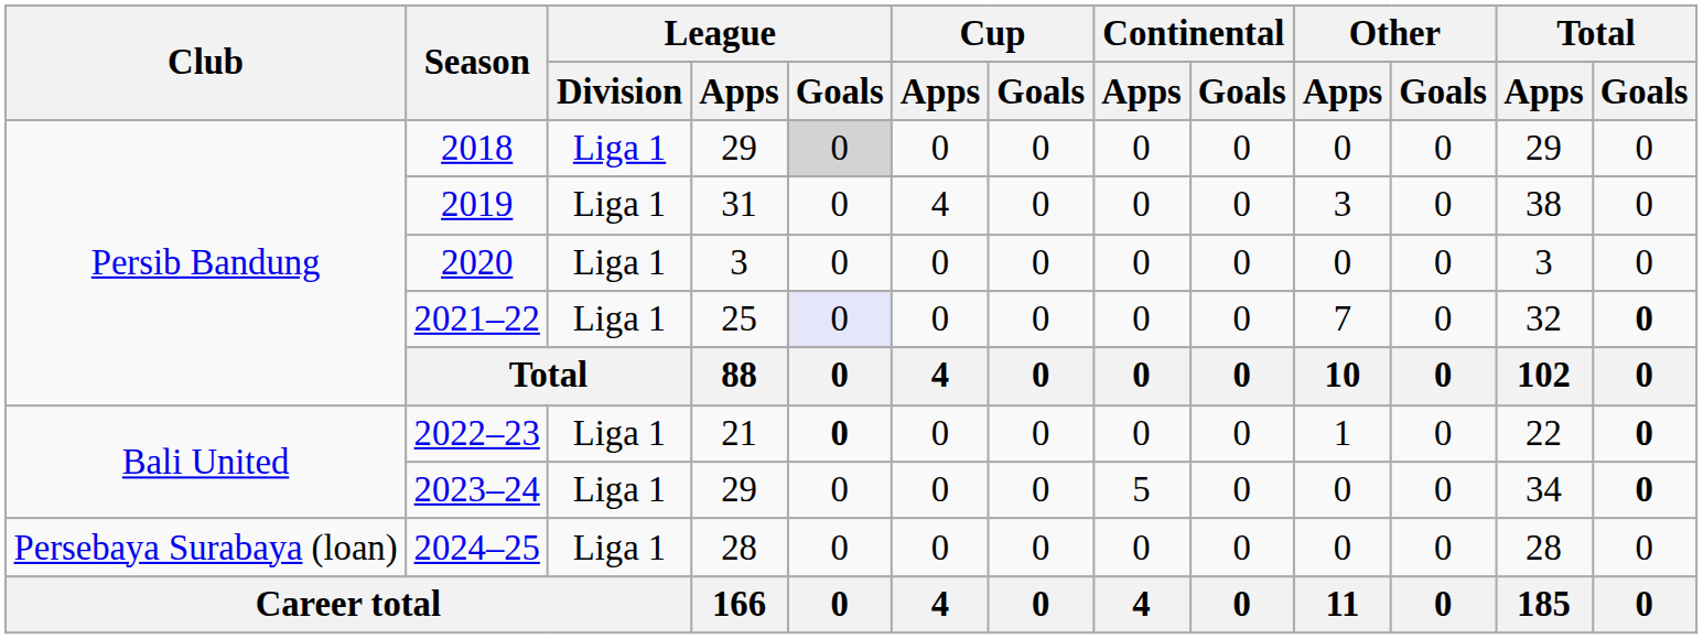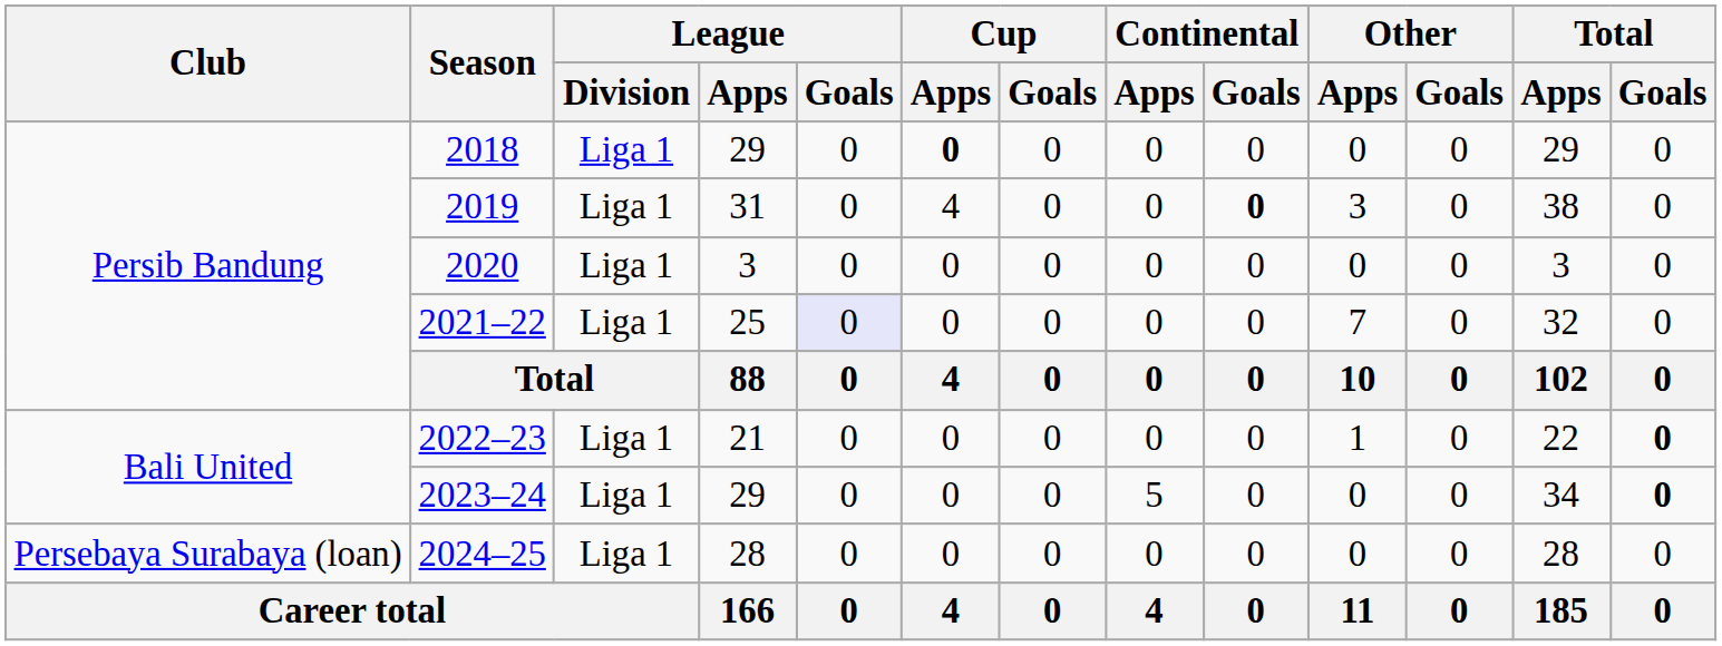 <table class="wikitable" style="text-align:center">
 <tr>
 <th rowspan="2">Club</th>
 <th rowspan="2">Season</th>
 <th colspan="3">League</th>
 <th colspan="2">Cup</th>
 <th colspan="2">Continental</th>
 <th colspan="2">Other</th>
 <th colspan="2">Total</th>
 </tr>
 <tr>
 <th>Division</th>
 <th>Apps</th>
 <th>Goals</th>
 <th>Apps</th>
 <th>Goals</th>
 <th>Apps</th>
 <th>Goals</th>
 <th>Apps</th>
 <th>Goals</th>
 <th>Apps</th>
 <th>Goals</th>
 </tr>
 <tr>
 <td rowspan="5" valign="center"><a href='#'>Persib Bandung</a></td>
 <td><a href='#'>2018</a></td>
 <td><a href='#'>Liga 1</a></td>
 <td>29</td>
-<td style="background: lightgrey;">0</td>
 <td>0</td>
+<td><strong>0</strong></td>
 <td>0</td>
 <td>0</td>
 <td>0</td>
 <td>0</td>
 <td>0</td>
 <td>29</td>
 <td>0</td>
 </tr>
 <tr>
 <td><a href='#'>2019</a></td>
 <td>Liga 1</td>
 <td>31</td>
 <td>0</td>
 <td>4</td>
 <td>0</td>
 <td>0</td>
-<td>0</td>
+<td><strong>0</strong></td>
 <td>3</td>
 <td>0</td>
 <td>38</td>
 <td>0</td>
 </tr>
 <tr>
 <td><a href='#'>2020</a></td>
 <td>Liga 1</td>
 <td>3</td>
 <td>0</td>
 <td>0</td>
 <td>0</td>
 <td>0</td>
 <td>0</td>
 <td>0</td>
 <td>0</td>
 <td>3</td>
 <td>0</td>
 </tr>
 <tr>
 <td><a href='#'>2021–22</a></td>
 <td>Liga 1</td>
 <td>25</td>
 <td style="background: lavender;">0</td>
 <td>0</td>
 <td>0</td>
 <td>0</td>
 <td>0</td>
 <td>7</td>
 <td>0</td>
 <td>32</td>
-<td><strong>0</strong></td>
+<td>0</td>
 </tr>
 <tr>
 <th colspan="2">Total</th>
 <th>88</th>
 <th>0</th>
 <th>4</th>
 <th>0</th>
 <th>0</th>
 <th>0</th>
 <th>10</th>
 <th>0</th>
 <th>102</th>
 <th>0</th>
 </tr>
 <tr>
 <td rowspan="2" valign="center"><a href='#'>Bali United</a></td>
 <td><a href='#'>2022–23</a></td>
 <td rowspan="1" valign="center">Liga 1</td>
 <td>21</td>
-<td><strong>0</strong></td>
+<td>0</td>
 <td>0</td>
 <td>0</td>
 <td>0</td>
 <td>0</td>
 <td>1</td>
 <td>0</td>
 <td>22</td>
 <td><strong>0</strong></td>
 </tr>
 <tr>
 <td><a href='#'>2023–24</a></td>
 <td>Liga 1</td>
 <td>29</td>
 <td>0</td>
 <td>0</td>
 <td>0</td>
 <td>5</td>
 <td>0</td>
 <td>0</td>
 <td>0</td>
 <td>34</td>
 <td><strong>0</strong></td>
 </tr>
 <tr>
 <td rowspan="1" valign="center"><a href='#'>Persebaya Surabaya</a> (loan)</td>
 <td><a href='#'>2024–25</a></td>
 <td rowspan="1" valign="center">Liga 1</td>
 <td>28</td>
 <td>0</td>
 <td>0</td>
 <td>0</td>
 <td>0</td>
 <td>0</td>
 <td>0</td>
 <td>0</td>
 <td>28</td>
 <td>0</td>
 </tr>
 <tr>
 <th colspan="3">Career total</th>
 <th>166</th>
 <th>0</th>
 <th>4</th>
 <th>0</th>
 <th>4</th>
 <th>0</th>
 <th>11</th>
 <th>0</th>
 <th>185</th>
 <th>0</th>
 </tr>
 </table>
